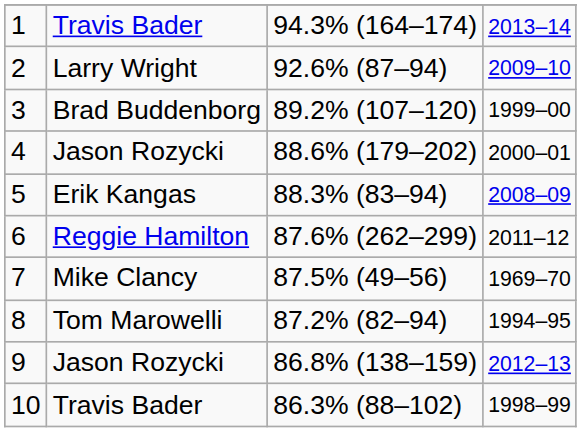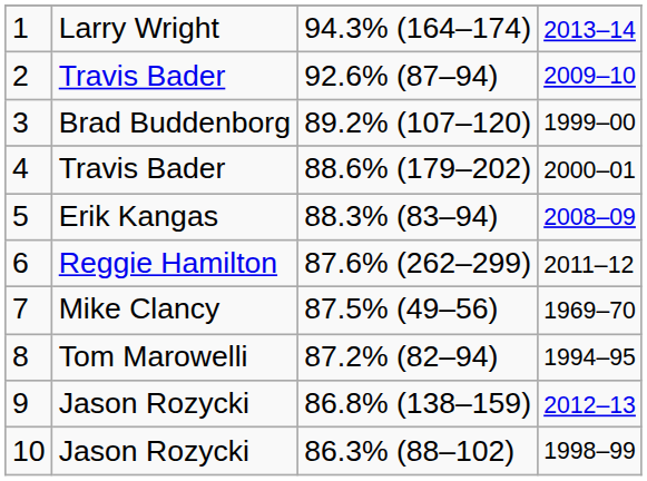 <table class="wikitable">
 <tr>
 </tr>
 <tr>
 <td>1</td>
-<td><a href='#'>Travis Bader</a></td>
+<td>Larry Wright</td>
 <td>94.3% (164–174)</td>
 <td style="font-size:80%;"><a href='#'>2013–14</a></td>
 </tr>
 <tr>
 <td>2</td>
-<td>Larry Wright</td>
+<td><a href='#'>Travis Bader</a></td>
 <td>92.6% (87–94)</td>
 <td style="font-size:80%;"><a href='#'>2009–10</a></td>
 </tr>
 <tr>
 <td>3</td>
 <td>Brad Buddenborg</td>
 <td>89.2% (107–120)</td>
 <td style="font-size:80%;">1999–00</td>
 </tr>
 <tr>
 <td>4</td>
-<td>Jason Rozycki</td>
+<td>Travis Bader</td>
 <td>88.6% (179–202)</td>
 <td style="font-size:80%;">2000–01</td>
 </tr>
 <tr>
 <td>5</td>
 <td>Erik Kangas</td>
 <td>88.3% (83–94)</td>
 <td style="font-size:80%;"><a href='#'>2008–09</a></td>
 </tr>
 <tr>
 <td>6</td>
 <td><a href='#'>Reggie Hamilton</a></td>
 <td>87.6% (262–299)</td>
 <td style="font-size:80%;">2011–12</td>
 </tr>
 <tr>
 <td>7</td>
 <td>Mike Clancy</td>
 <td>87.5% (49–56)</td>
 <td style="font-size:80%;">1969–70</td>
 </tr>
 <tr>
 <td>8</td>
 <td>Tom Marowelli</td>
 <td>87.2% (82–94)</td>
 <td style="font-size:80%;">1994–95</td>
 </tr>
 <tr>
 <td>9</td>
 <td>Jason Rozycki</td>
 <td>86.8% (138–159)</td>
 <td style="font-size:80%;"><a href='#'>2012–13</a></td>
 </tr>
 <tr>
 <td>10</td>
-<td>Travis Bader</td>
+<td>Jason Rozycki</td>
 <td>86.3% (88–102)</td>
 <td style="font-size:80%;">1998–99</td>
 </tr>
 </table>
